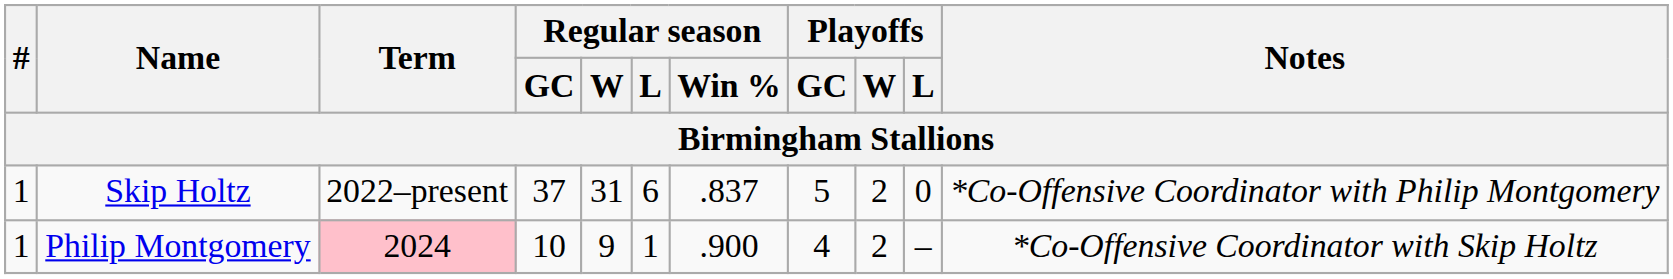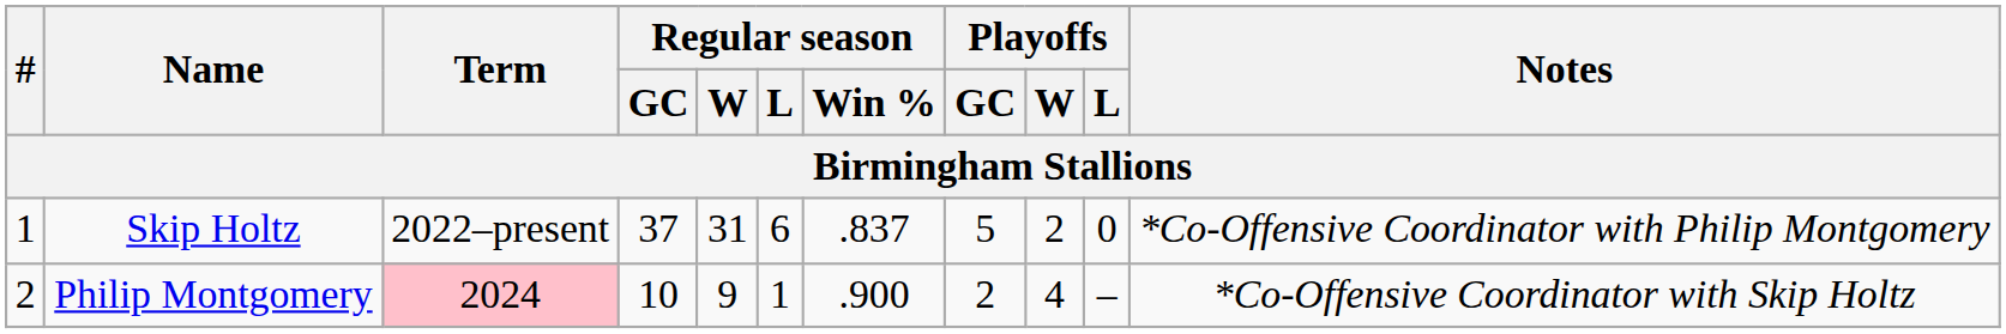 <table class="wikitable" style="text-align:center">
 <tr>
 <th rowspan="2">#</th>
 <th rowspan="2">Name</th>
 <th rowspan="2">Term</th>
 <th colspan="4">Regular season</th>
 <th colspan="3">Playoffs</th>
 <th rowspan="2">Notes</th>
 </tr>
 <tr>
 <th>GC</th>
 <th>W</th>
 <th>L</th>
 <th>Win %</th>
 <th>GC</th>
 <th>W</th>
 <th>L</th>
 </tr>
 <tr>
 <th colspan="11">Birmingham Stallions</th>
 </tr>
 <tr>
 <td>1</td>
 <td><a href='#'>Skip Holtz</a></td>
 <td>2022–present</td>
 <td>37</td>
 <td>31</td>
 <td>6</td>
 <td>.837</td>
 <td>5</td>
 <td>2</td>
 <td>0</td>
 <td><em>*Co-Offensive Coordinator with Philip Montgomery</em></td>
 </tr>
 <tr>
-<td>1</td>
+<td>2</td>
 <td><a href='#'>Philip Montgomery</a></td>
 <td style="background: pink;">2024</td>
 <td>10</td>
 <td>9</td>
 <td>1</td>
 <td>.900</td>
+<td>2</td>
 <td>4</td>
-<td>2</td>
 <td>–</td>
 <td><em>*Co-Offensive Coordinator with Skip Holtz</em></td>
 </tr>
 </table>
